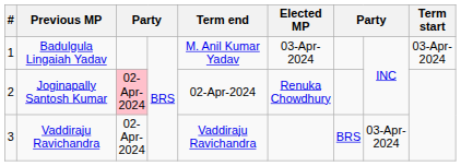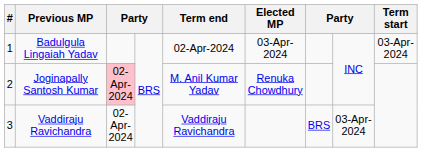 <table class="wikitable" style="text-align:center;">
 <tr>
 <th>#</th>
 <th>Previous MP</th>
 <th colspan="2">Party</th>
 <th>Term end</th>
 <th>Elected MP</th>
 <th colspan="2">Party</th>
 <th>Term start</th>
 </tr>
 <tr>
 <td>1</td>
 <td><a href='#'>Badulgula Lingaiah Yadav</a></td>
 <td width="1px"></td>
 <td rowspan=3><a href='#'>BRS</a></td>
-<td><a href='#'>M. Anil Kumar Yadav</a></td>
+<td>02-Apr-2024</td>
 <td>03-Apr-2024</td>
 <td width="1px"></td>
 <td rowspan=2><a href='#'>INC</a></td>
 <td>03-Apr-2024</td>
 </tr>
 <tr>
 <td>2</td>
 <td><a href='#'>Joginapally Santosh Kumar</a></td>
 <td style="background: pink;">02-Apr-2024</td>
-<td>02-Apr-2024</td>
+<td><a href='#'>M. Anil Kumar Yadav</a></td>
 <td><a href='#'>Renuka Chowdhury</a></td>
 </tr>
 <tr>
 <td>3</td>
 <td><a href='#'>Vaddiraju Ravichandra</a></td>
 <td>02-Apr-2024</td>
 <td><a href='#'>Vaddiraju Ravichandra</a></td>
 <td width="1px"></td>
 <td><a href='#'>BRS</a></td>
 <td>03-Apr-2024</td>
 </tr>
 </table>
